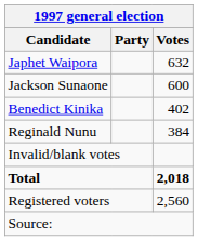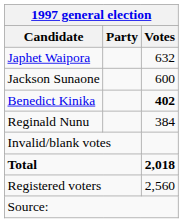 <table class=wikitable style=text-align:left>
 <tr>
 <th colspan=3><a href='#'>1997 general election</a></th>
 </tr>
 <tr>
 <th>Candidate</th>
 <th>Party</th>
 <th>Votes</th>
 </tr>
 <tr>
 <td><a href='#'>Japhet Waipora</a></td>
 <td></td>
 <td align=right>632</td>
 </tr>
 <tr>
 <td>Jackson Sunaone</td>
 <td></td>
 <td align=right>600</td>
 </tr>
 <tr>
 <td><a href='#'>Benedict Kinika</a></td>
 <td></td>
-<td align=right>402</td>
+<td align=right><strong>402</strong></td>
 </tr>
 <tr>
 <td>Reginald Nunu</td>
 <td></td>
 <td align=right>384</td>
 </tr>
 <tr>
 <td colspan=2>Invalid/blank votes</td>
 <td></td>
 </tr>
 <tr>
 <td colspan=2><strong>Total</strong></td>
 <td align=right><strong>2,018</strong></td>
 </tr>
 <tr>
 <td colspan=2>Registered voters</td>
 <td align=right>2,560</td>
 </tr>
 <tr>
 <td colspan=3>Source: </td>
 </tr>
 </table>
